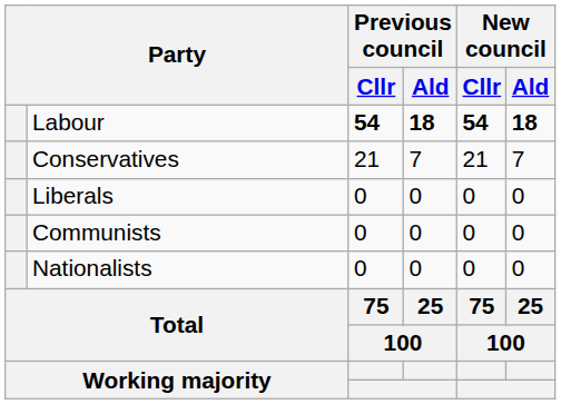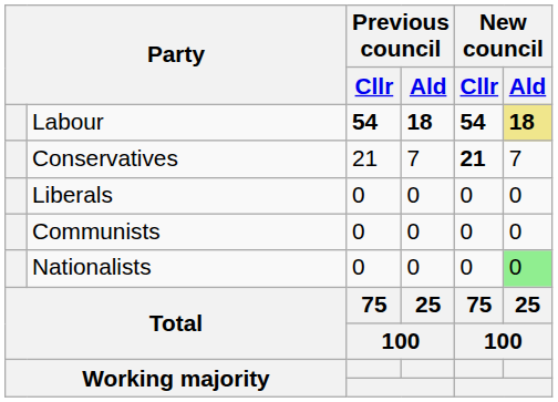 <table class="wikitable">
 <tr>
 <th colspan="2" rowspan="2" style="width: 230px">Party</th>
 <th valign=top colspan="2" style="width: 30px">Previous council</th>
 <th valign=top colspan="2" style="width: 30px">New council</th>
 </tr>
 <tr>
 <th><a href='#'>Cllr</a></th>
 <th><a href='#'>Ald</a></th>
 <th><a href='#'>Cllr</a></th>
 <th><a href='#'>Ald</a></th>
 </tr>
 <tr>
 <th style="background-color: "></th>
 <td>Labour</td>
 <td><strong>54</strong></td>
 <td><strong>18</strong></td>
 <td><strong>54</strong></td>
-<td><strong>18</strong></td>
+<td style="background: khaki;"><strong>18</strong></td>
 </tr>
 <tr>
 <th style="background-color: "></th>
 <td>Conservatives</td>
 <td>21</td>
 <td>7</td>
-<td>21</td>
+<td><strong>21</strong></td>
 <td>7</td>
 </tr>
 <tr>
 <th style="background-color: "></th>
 <td>Liberals</td>
 <td>0</td>
 <td>0</td>
 <td>0</td>
 <td>0</td>
 </tr>
 <tr>
 <th style="background-color: "></th>
 <td>Communists</td>
 <td>0</td>
 <td>0</td>
 <td>0</td>
 <td>0</td>
 </tr>
 <tr>
 <th style="background-color: "></th>
 <td>Nationalists</td>
 <td>0</td>
 <td>0</td>
 <td>0</td>
-<td>0</td>
+<td style="background: lightgreen;">0</td>
 </tr>
 <tr>
 <th colspan="2" rowspan="2">Total</th>
 <th style="text-align: center">75</th>
 <th style="text-align: center">25</th>
 <th style="text-align: center">75</th>
 <th style="text-align: center">25</th>
 </tr>
 <tr>
 <th colspan="2" style="text-align: center">100</th>
 <th colspan="2" style="text-align: center">100</th>
 </tr>
 <tr>
 <th colspan="2" rowspan="2">Working majority</th>
 <th></th>
 <th></th>
 <th></th>
 <th></th>
 </tr>
 <tr>
 <th colspan="2"></th>
 <th colspan="2"></th>
 </tr>
 </table>
